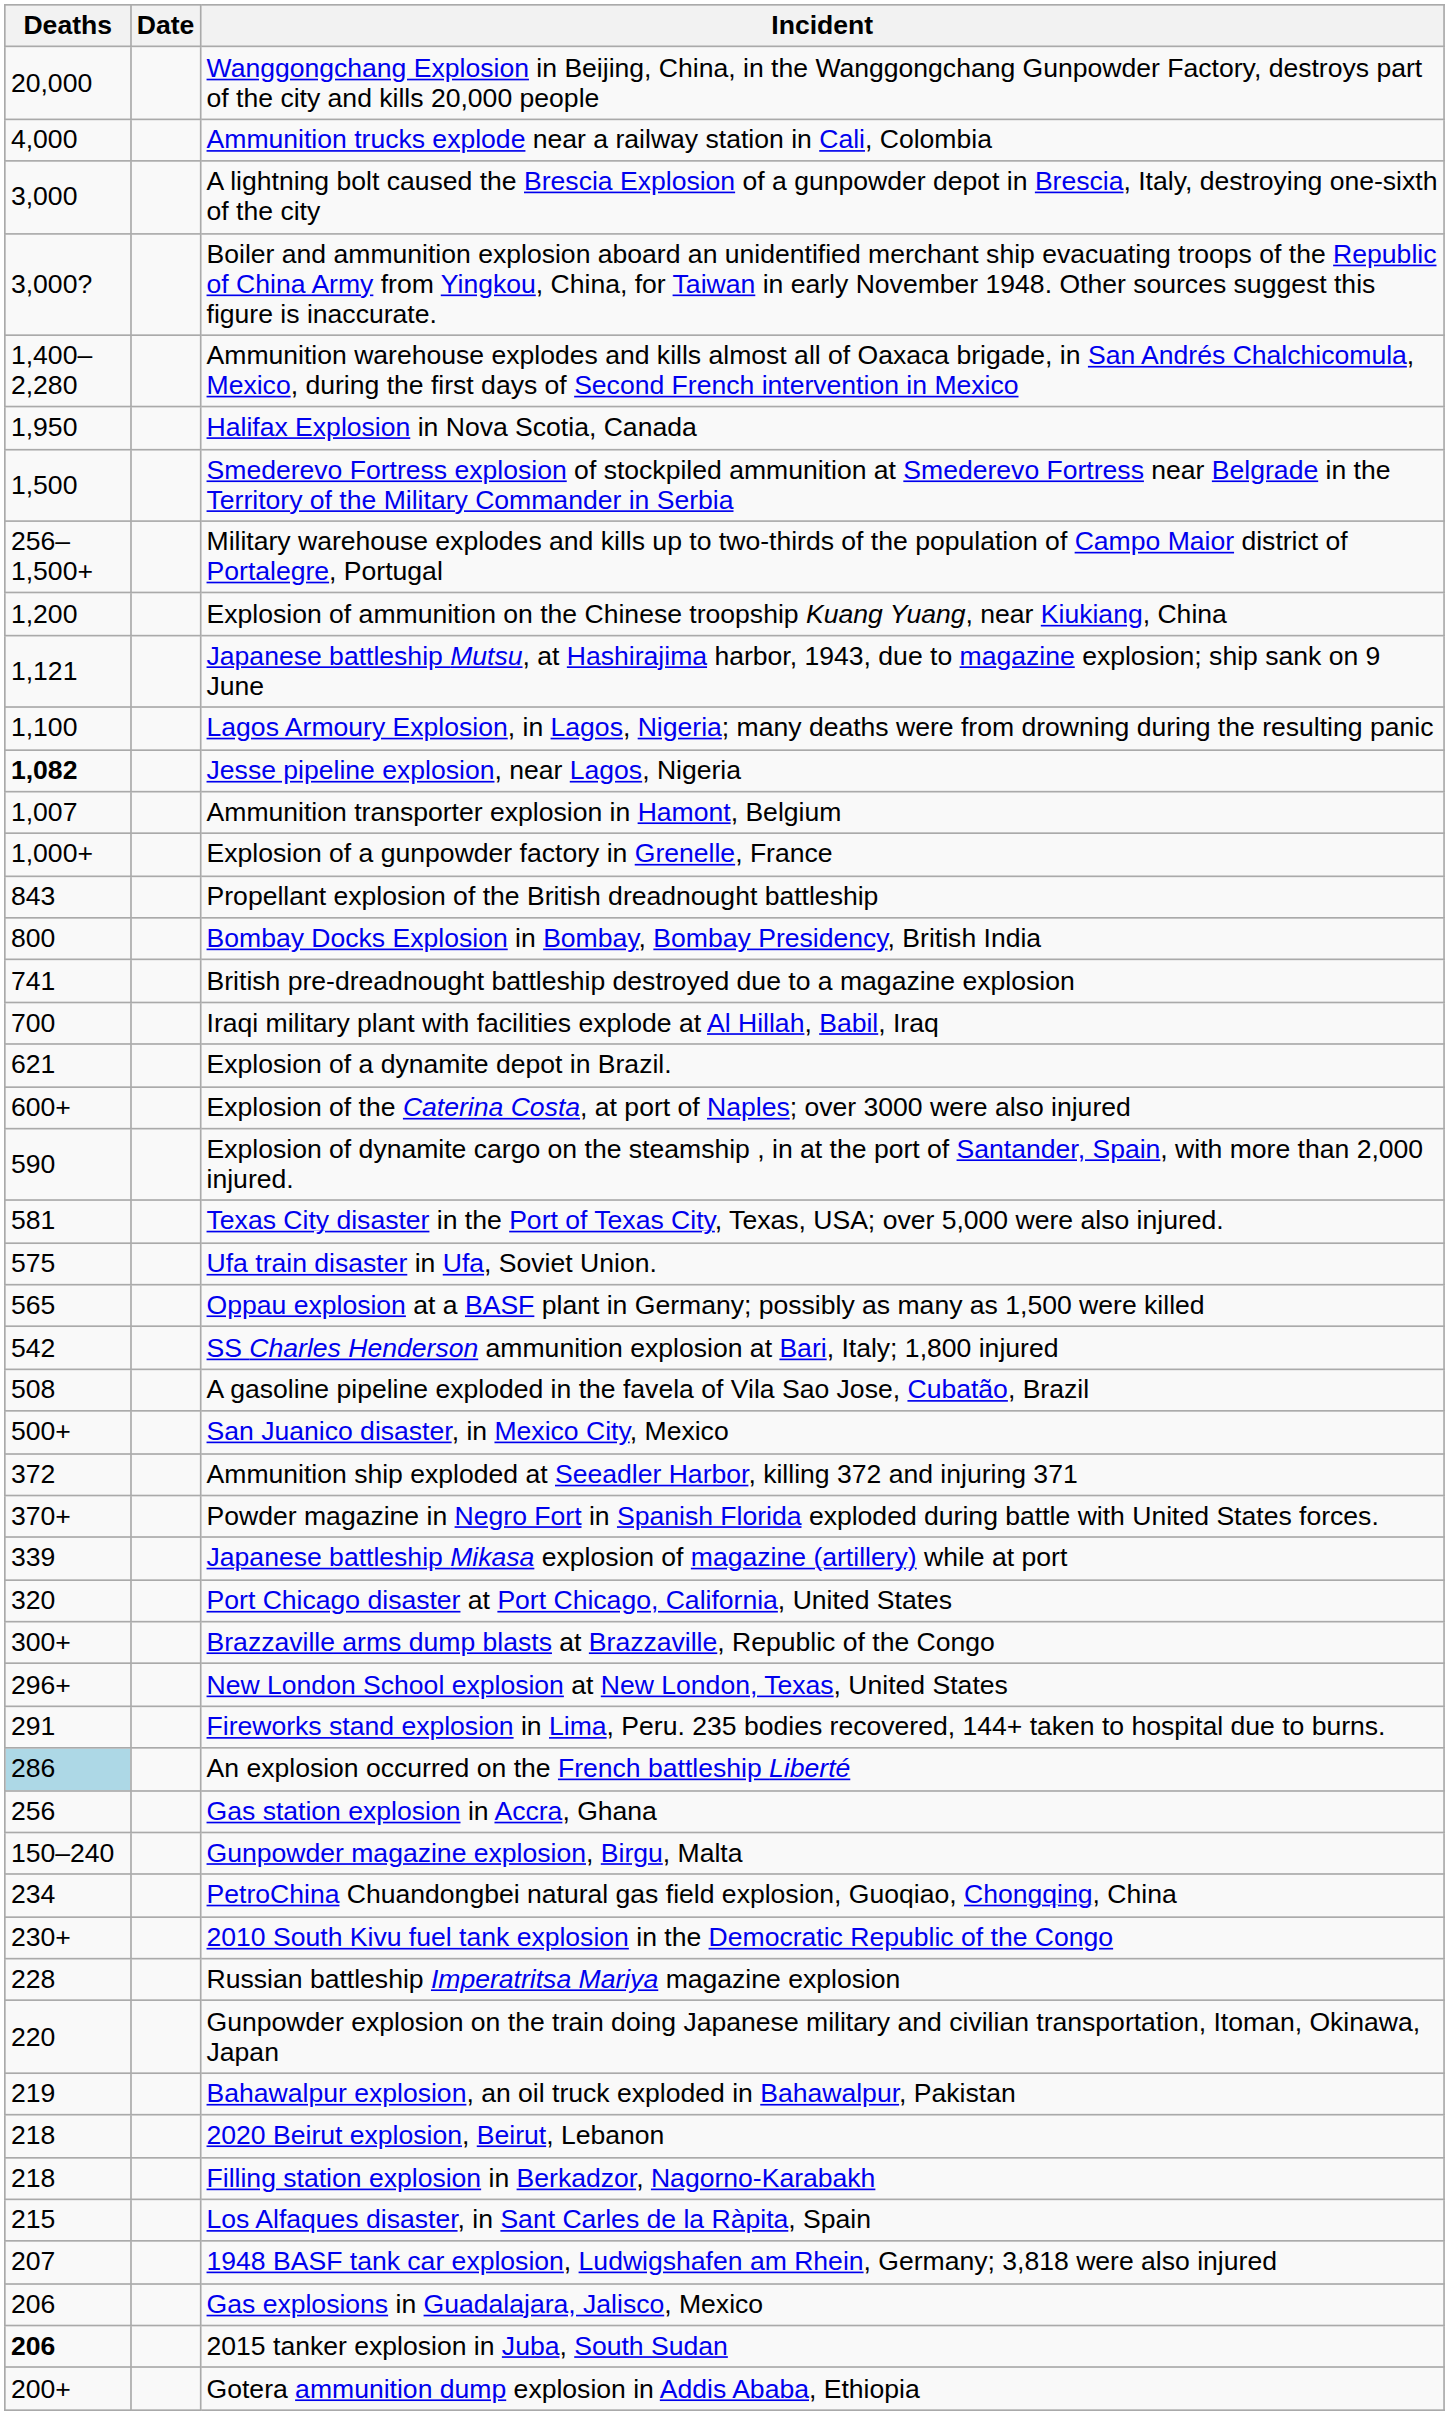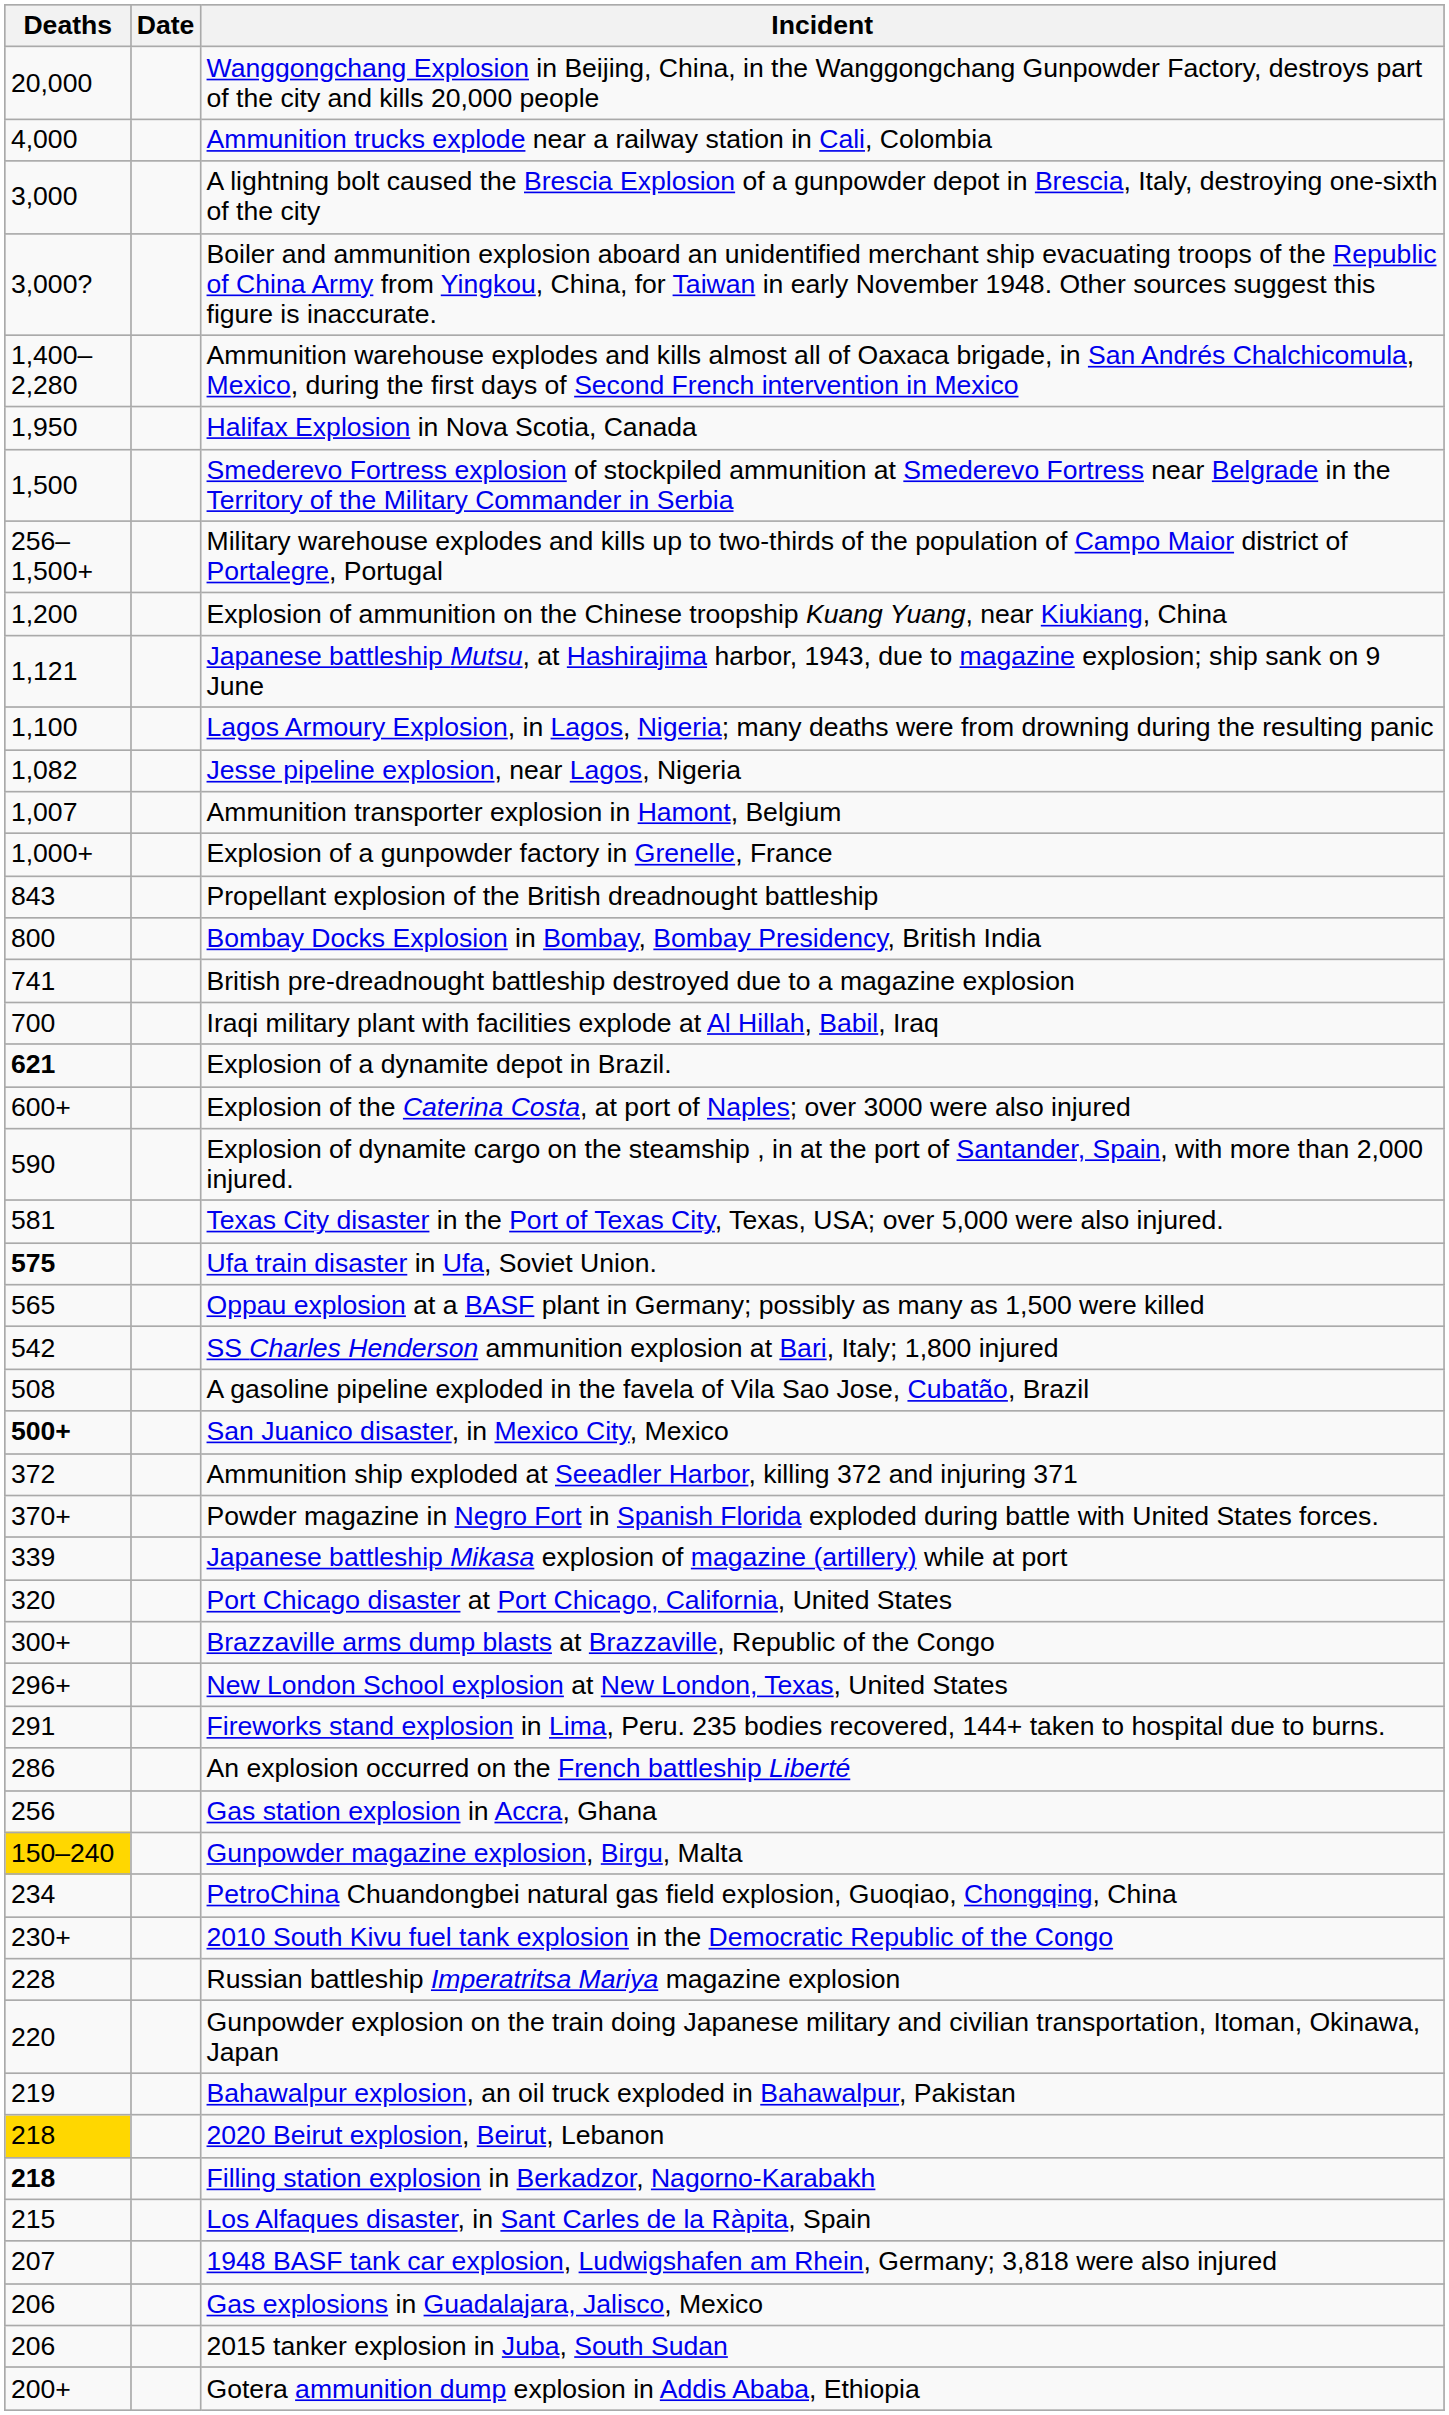 <table class="wikitable sortable">
 <tr>
 <th data-sort-type=number>Deaths</th>
 <th>Date</th>
 <th !>Incident</th>
 </tr>
 <tr>
 <td>20,000</td>
 <td></td>
 <td><a href='#'>Wanggongchang Explosion</a> in Beijing, China, in the Wanggongchang Gunpowder Factory, destroys part of the city and kills 20,000 people</td>
 </tr>
 <tr>
 <td>4,000</td>
 <td></td>
 <td><a href='#'>Ammunition trucks explode</a> near a railway station in <a href='#'>Cali</a>, Colombia</td>
 </tr>
 <tr>
 <td>3,000</td>
 <td></td>
 <td>A lightning bolt caused the <a href='#'>Brescia Explosion</a> of a gunpowder depot in <a href='#'>Brescia</a>, Italy, destroying one-sixth of the city</td>
 </tr>
 <tr>
 <td data-sort-value="3,000">3,000?</td>
 <td></td>
 <td>Boiler and ammunition explosion aboard an unidentified merchant ship evacuating troops of the <a href='#'>Republic of China Army</a> from <a href='#'>Yingkou</a>, China, for <a href='#'>Taiwan</a> in early November 1948. Other sources suggest this figure is inaccurate.</td>
 </tr>
 <tr>
 <td>1,400–2,280</td>
 <td></td>
 <td>Ammunition warehouse explodes and kills almost all of Oaxaca brigade, in <a href='#'>San Andrés Chalchicomula</a>, <a href='#'>Mexico</a>, during the first days of <a href='#'>Second French intervention in Mexico</a></td>
 </tr>
 <tr>
 <td>1,950</td>
 <td></td>
 <td><a href='#'>Halifax Explosion</a> in Nova Scotia, Canada</td>
 </tr>
 <tr>
 <td>1,500</td>
 <td></td>
 <td><a href='#'>Smederevo Fortress explosion</a> of stockpiled ammunition at <a href='#'>Smederevo Fortress</a> near <a href='#'>Belgrade</a> in the <a href='#'>Territory of the Military Commander in Serbia</a></td>
 </tr>
 <tr>
 <td>256–1,500+</td>
 <td></td>
 <td>Military warehouse explodes and kills up to two-thirds of the population of <a href='#'>Campo Maior</a> district of <a href='#'>Portalegre</a>, Portugal</td>
 </tr>
 <tr>
 <td>1,200</td>
 <td></td>
 <td>Explosion of ammunition on the Chinese troopship <em>Kuang Yuang</em>, near <a href='#'>Kiukiang</a>, China</td>
 </tr>
 <tr>
 <td>1,121</td>
 <td></td>
 <td><a href='#'>Japanese battleship <em>Mutsu</em></a>, at <a href='#'>Hashirajima</a> harbor, 1943, due to <a href='#'>magazine</a> explosion; ship sank on 9 June</td>
 </tr>
 <tr>
 <td>1,100</td>
 <td></td>
 <td><a href='#'>Lagos Armoury Explosion</a>, in <a href='#'>Lagos</a>, <a href='#'>Nigeria</a>; many deaths were from drowning during the resulting panic</td>
 </tr>
 <tr>
-<td><strong>1,082</strong></td>
+<td>1,082</td>
 <td></td>
 <td><a href='#'>Jesse pipeline explosion</a>, near <a href='#'>Lagos</a>, Nigeria</td>
 </tr>
 <tr>
 <td>1,007</td>
 <td></td>
 <td>Ammunition transporter explosion in <a href='#'>Hamont</a>, Belgium</td>
 </tr>
 <tr>
 <td data-sort-value="1,000">1,000+</td>
 <td></td>
 <td>Explosion of a gunpowder factory in <a href='#'>Grenelle</a>, France</td>
 </tr>
 <tr>
 <td>843</td>
 <td></td>
 <td>Propellant explosion of the British dreadnought battleship </td>
 </tr>
 <tr>
 <td>800</td>
 <td></td>
 <td><a href='#'>Bombay Docks Explosion</a> in <a href='#'>Bombay</a>, <a href='#'>Bombay Presidency</a>, British India</td>
 </tr>
 <tr>
 <td>741</td>
 <td></td>
 <td>British pre-dreadnought battleship  destroyed due to a magazine explosion</td>
 </tr>
 <tr>
 <td>700</td>
 <td></td>
 <td>Iraqi military plant with facilities explode at <a href='#'>Al Hillah</a>, <a href='#'>Babil</a>, Iraq</td>
 </tr>
 <tr>
-<td>621</td>
+<td><strong>621</strong></td>
 <td></td>
 <td>Explosion of a dynamite depot in Brazil.</td>
 </tr>
 <tr>
 <td data-sort-value="600">600+</td>
 <td></td>
 <td>Explosion of the <em><a href='#'>Caterina Costa</a></em>, at port of <a href='#'>Naples</a>; over 3000 were also injured</td>
 </tr>
 <tr>
 <td>590</td>
 <td></td>
 <td>Explosion of dynamite cargo on the steamship , in at the port of <a href='#'>Santander, Spain</a>, with more than 2,000 injured.</td>
 </tr>
 <tr>
 <td>581</td>
 <td></td>
 <td><a href='#'>Texas City disaster</a> in the <a href='#'>Port of Texas City</a>, Texas, USA; over 5,000 were also injured.</td>
 </tr>
 <tr>
-<td>575</td>
+<td><strong>575</strong></td>
 <td></td>
 <td><a href='#'>Ufa train disaster</a> in <a href='#'>Ufa</a>, Soviet Union.</td>
 </tr>
 <tr>
 <td>565</td>
 <td></td>
 <td><a href='#'>Oppau explosion</a> at a <a href='#'>BASF</a> plant in Germany; possibly as many as 1,500 were killed</td>
 </tr>
 <tr>
 <td>542</td>
 <td></td>
 <td><a href='#'>SS <em>Charles Henderson</em></a> ammunition explosion at <a href='#'>Bari</a>, Italy; 1,800 injured</td>
 </tr>
 <tr>
 <td>508</td>
 <td></td>
 <td>A gasoline pipeline exploded in the favela of Vila Sao Jose, <a href='#'>Cubatão</a>, Brazil</td>
 </tr>
 <tr>
-<td data-sort-value="500">500+</td>
+<td data-sort-value="500"><strong>500+</strong></td>
 <td></td>
 <td><a href='#'>San Juanico disaster</a>, in <a href='#'>Mexico City</a>, Mexico</td>
 </tr>
 <tr>
 <td>372</td>
 <td></td>
 <td>Ammunition ship  exploded at <a href='#'>Seeadler Harbor</a>, killing 372 and injuring 371</td>
 </tr>
 <tr>
 <td data-sort-value="370">370+</td>
 <td></td>
 <td>Powder magazine in <a href='#'>Negro Fort</a> in <a href='#'>Spanish Florida</a> exploded during battle with United States forces.</td>
 </tr>
 <tr>
 <td>339</td>
 <td></td>
 <td><a href='#'>Japanese battleship <em>Mikasa</em></a> explosion of <a href='#'>magazine (artillery)</a> while at port</td>
 </tr>
 <tr>
 <td>320</td>
 <td></td>
 <td><a href='#'>Port Chicago disaster</a> at <a href='#'>Port Chicago, California</a>, United States</td>
 </tr>
 <tr>
 <td data-sort-value="300.1">300+</td>
 <td></td>
 <td><a href='#'>Brazzaville arms dump blasts</a> at <a href='#'>Brazzaville</a>, Republic of the Congo</td>
 </tr>
 <tr>
 <td data-sort-value="296">296+</td>
 <td></td>
 <td><a href='#'>New London School explosion</a> at <a href='#'>New London, Texas</a>, United States</td>
 </tr>
 <tr>
 <td data-sort-value="291">291</td>
 <td></td>
 <td><a href='#'>Fireworks stand explosion</a> in <a href='#'>Lima</a>, Peru. 235 bodies recovered, 144+ taken to hospital due to burns.</td>
 </tr>
 <tr>
-<td data-sort-value="286" style="background: lightblue;">286</td>
+<td data-sort-value="286">286</td>
 <td></td>
 <td>An explosion occurred on the <a href='#'>French battleship <em>Liberté</em></a></td>
 </tr>
 <tr>
 <td>256</td>
 <td></td>
 <td><a href='#'>Gas station explosion</a> in <a href='#'>Accra</a>, Ghana</td>
 </tr>
 <tr>
-<td>150–240</td>
+<td style="background: gold;">150–240</td>
 <td></td>
 <td><a href='#'>Gunpowder magazine explosion</a>, <a href='#'>Birgu</a>, Malta</td>
 </tr>
 <tr>
 <td>234</td>
 <td></td>
 <td><a href='#'>PetroChina</a> Chuandongbei natural gas field explosion, Guoqiao, <a href='#'>Chongqing</a>, China</td>
 </tr>
 <tr>
 <td data-sort-value="230">230+</td>
 <td></td>
 <td><a href='#'>2010 South Kivu fuel tank explosion</a> in the <a href='#'>Democratic Republic of the Congo</a></td>
 </tr>
 <tr>
 <td>228</td>
 <td></td>
 <td>Russian battleship <a href='#'><em>Imperatritsa Mariya</em></a> magazine explosion</td>
 </tr>
 <tr>
 <td>220</td>
 <td></td>
 <td>Gunpowder explosion on the train doing Japanese military and civilian transportation, Itoman, Okinawa, Japan</td>
 </tr>
 <tr>
 <td>219</td>
 <td></td>
 <td><a href='#'>Bahawalpur explosion</a>, an oil truck exploded in <a href='#'>Bahawalpur</a>, Pakistan</td>
 </tr>
 <tr>
-<td>218</td>
+<td style="background: gold;">218</td>
 <td></td>
 <td><a href='#'>2020 Beirut explosion</a>, <a href='#'>Beirut</a>, Lebanon</td>
 </tr>
 <tr>
-<td>218</td>
+<td><strong>218</strong></td>
 <td></td>
 <td><a href='#'>Filling station explosion</a> in <a href='#'>Berkadzor</a>, <a href='#'>Nagorno-Karabakh</a></td>
 </tr>
 <tr>
 <td>215</td>
 <td></td>
 <td><a href='#'>Los Alfaques disaster</a>, in <a href='#'>Sant Carles de la Ràpita</a>, Spain</td>
 </tr>
 <tr>
 <td>207</td>
 <td></td>
 <td><a href='#'>1948 BASF tank car explosion</a>, <a href='#'>Ludwigshafen am Rhein</a>, Germany; 3,818 were also injured</td>
 </tr>
 <tr>
 <td>206</td>
 <td></td>
 <td><a href='#'>Gas explosions</a> in <a href='#'>Guadalajara, Jalisco</a>, Mexico</td>
 </tr>
 <tr>
-<td><strong>206</strong></td>
+<td>206</td>
 <td></td>
 <td>2015 tanker explosion in <a href='#'>Juba</a>, <a href='#'>South Sudan</a></td>
 </tr>
 <tr>
 <td data-sort-value="200">200+</td>
 <td></td>
 <td>Gotera <a href='#'>ammunition dump</a> explosion in <a href='#'>Addis Ababa</a>, Ethiopia</td>
 </tr>
 </table>
